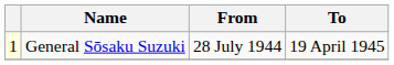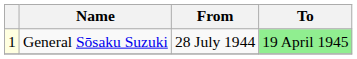 <table class=wikitable>
 <tr>
 <th></th>
 <th>Name</th>
 <th>From</th>
 <th>To</th>
 </tr>
 <tr>
 <td style="background: lightyellow;">1</td>
 <td>General <a href='#'>Sōsaku Suzuki</a></td>
 <td>28 July 1944</td>
-<td>19 April 1945</td>
+<td style="background: lightgreen;">19 April 1945</td>
 </tr>
 <tr>
 </tr>
 </table>
